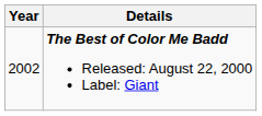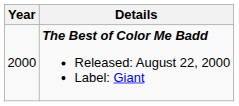 <table class="wikitable plainrowheaders" style="text-align:center;">
 <tr>
 <th>Year</th>
 <th>Details</th>
 </tr>
 <tr>
-<td>2002</td>
+<td>2000</td>
 <td align="left"><strong><em>The Best of Color Me Badd</em></strong><br><ul><li>Released: August 22, 2000</li><li>Label: <a href='#'>Giant</a></li></ul></td>
 </tr>
 </table>
